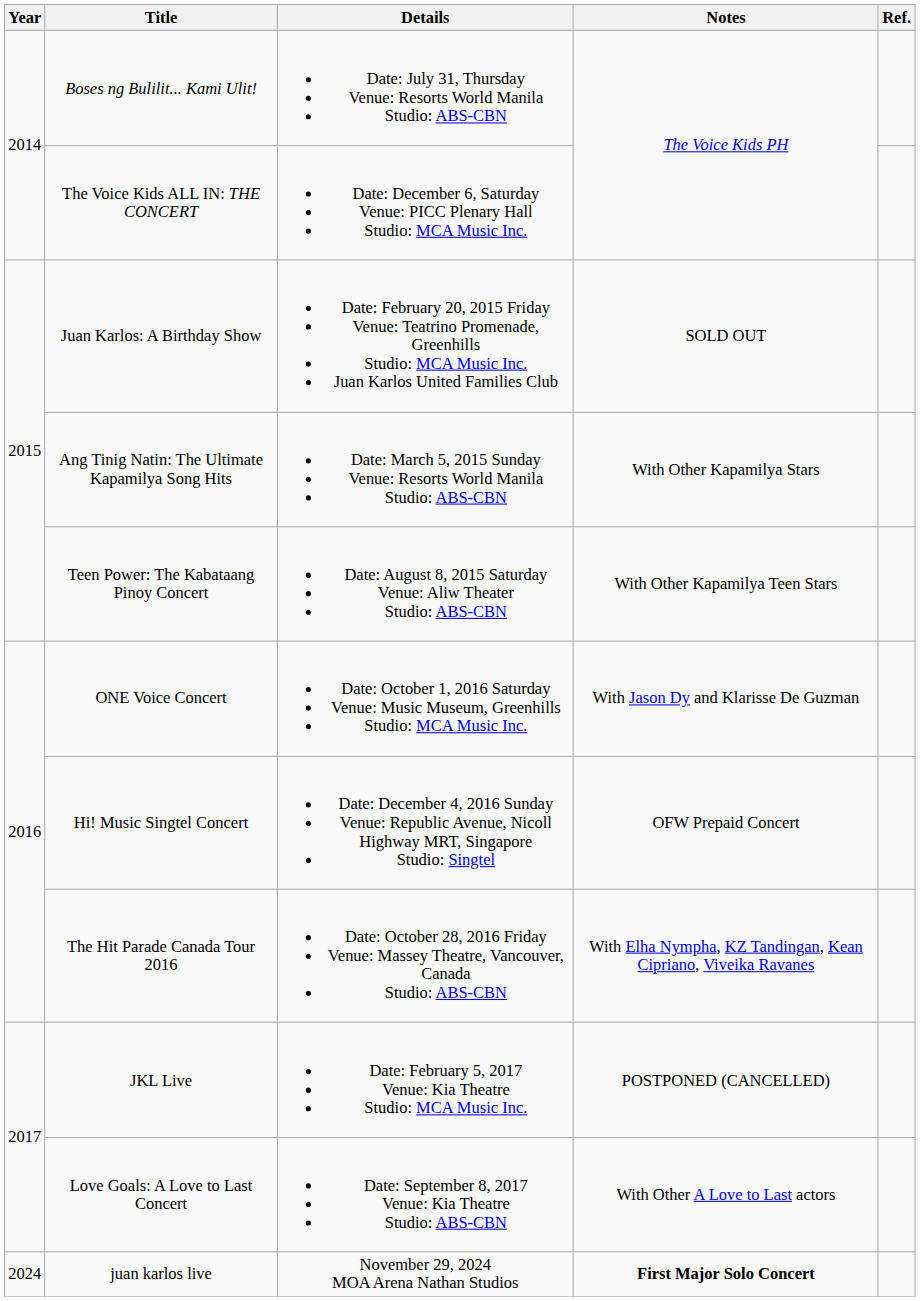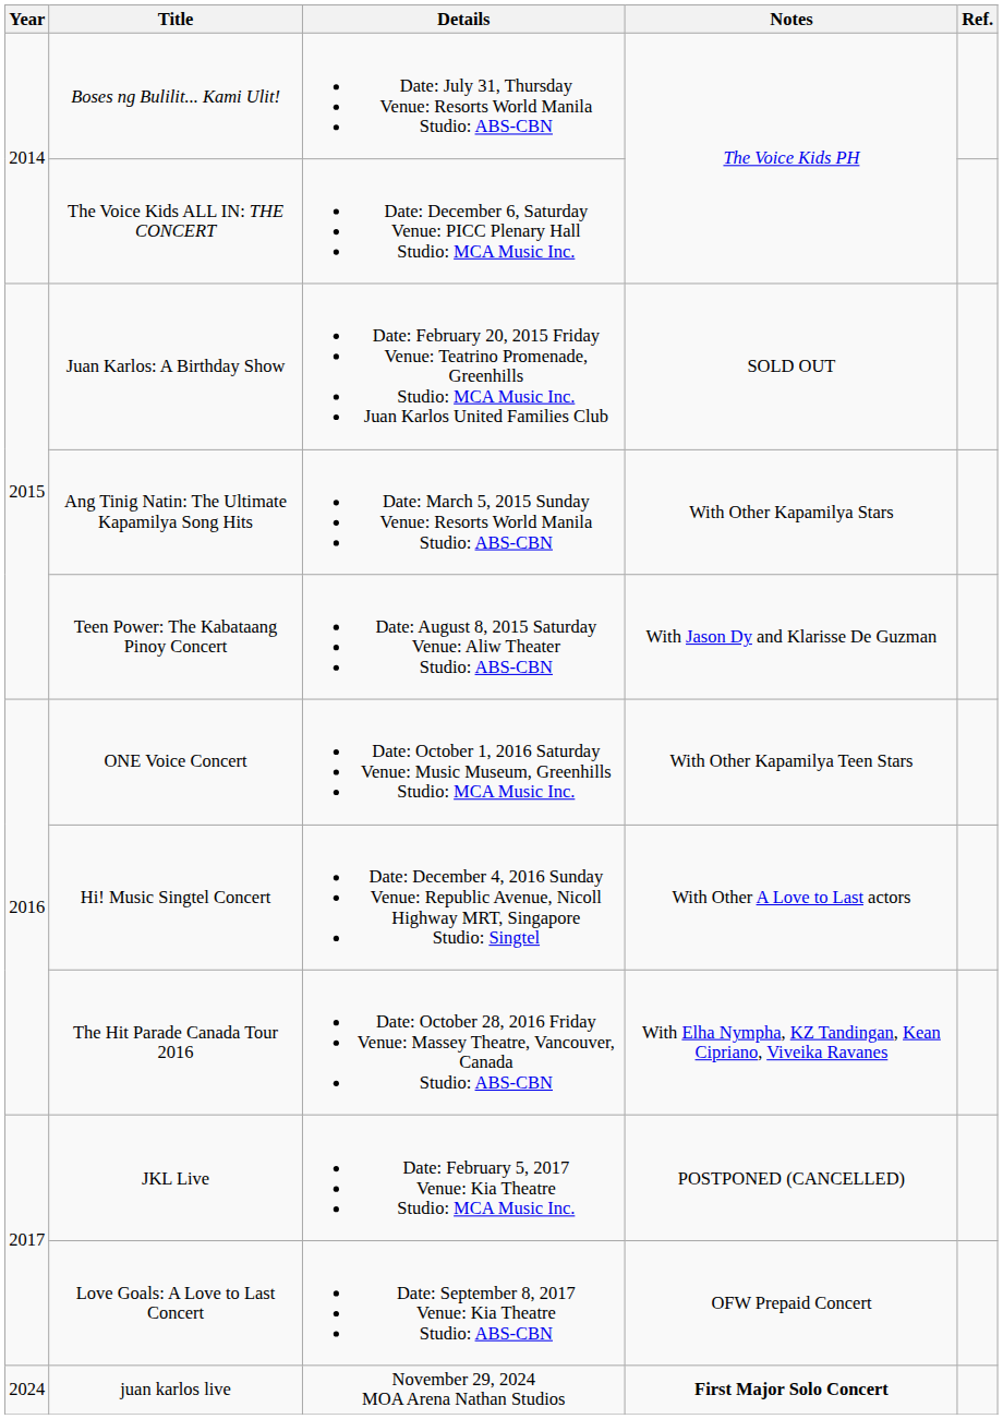 <table class="wikitable" style="text-align:center; width:70%">
 <tr>
 <th>Year</th>
 <th>Title</th>
 <th>Details</th>
 <th>Notes</th>
 <th>Ref.</th>
 </tr>
 <tr>
 <td rowspan=2>2014</td>
 <td><em>Boses ng Bulilit... Kami Ulit!</em></td>
 <td><br><ul><li>Date: July 31, Thursday</li><li>Venue: Resorts World Manila</li><li>Studio: <a href='#'>ABS-CBN</a></li></ul></td>
 <td rowspan=2><em><a href='#'>The Voice Kids PH</a></em></td>
 <td></td>
 </tr>
 <tr>
 <td>The Voice Kids ALL IN: <em>THE CONCERT</em></td>
 <td><br><ul><li>Date: December 6, Saturday</li><li>Venue: PICC Plenary Hall</li><li>Studio: <a href='#'>MCA Music Inc.</a></li></ul></td>
 <td></td>
 </tr>
 <tr>
 <td rowspan=3>2015</td>
 <td>Juan Karlos: A Birthday Show</td>
 <td><br><ul><li>Date: February 20, 2015 Friday</li><li>Venue: Teatrino Promenade, Greenhills</li><li>Studio: <a href='#'>MCA Music Inc.</a></li><li>Juan Karlos United Families Club</li></ul></td>
 <td>SOLD OUT</td>
 <td></td>
 </tr>
 <tr>
 <td>Ang Tinig Natin: The Ultimate Kapamilya Song Hits</td>
 <td><br><ul><li>Date: March 5, 2015 Sunday</li><li>Venue: Resorts World Manila</li><li>Studio: <a href='#'>ABS-CBN</a></li></ul></td>
 <td>With Other Kapamilya Stars</td>
 <td></td>
 </tr>
 <tr>
 <td>Teen Power: The Kabataang Pinoy Concert</td>
 <td><br><ul><li>Date: August 8, 2015 Saturday</li><li>Venue: Aliw Theater</li><li>Studio: <a href='#'>ABS-CBN</a></li></ul></td>
-<td>With Other Kapamilya Teen Stars</td>
+<td>With <a href='#'>Jason Dy</a> and Klarisse De Guzman</td>
 <td></td>
 </tr>
 <tr>
 <td rowspan=3>2016</td>
 <td>ONE Voice Concert</td>
 <td><br><ul><li>Date: October 1, 2016 Saturday</li><li>Venue: Music Museum, Greenhills</li><li>Studio: <a href='#'>MCA Music Inc.</a></li></ul></td>
-<td>With <a href='#'>Jason Dy</a> and Klarisse De Guzman</td>
+<td>With Other Kapamilya Teen Stars</td>
 <td></td>
 </tr>
 <tr>
 <td>Hi! Music Singtel Concert</td>
 <td><br><ul><li>Date: December 4, 2016 Sunday</li><li>Venue: Republic Avenue, Nicoll Highway MRT, Singapore</li><li>Studio: <a href='#'>Singtel</a></li></ul></td>
-<td>OFW Prepaid Concert</td>
+<td>With Other <a href='#'>A Love to Last</a> actors</td>
 <td></td>
 </tr>
 <tr>
 <td>The Hit Parade Canada Tour 2016</td>
 <td><br><ul><li>Date: October 28, 2016 Friday</li><li>Venue: Massey Theatre, Vancouver, Canada</li><li>Studio: <a href='#'>ABS-CBN</a></li></ul></td>
 <td>With <a href='#'>Elha Nympha</a>, <a href='#'>KZ Tandingan</a>, <a href='#'>Kean Cipriano</a>, <a href='#'>Viveika Ravanes</a></td>
 <td></td>
 </tr>
 <tr>
 <td rowspan=2>2017</td>
 <td>JKL Live</td>
 <td><br><ul><li>Date: February 5, 2017</li><li>Venue: Kia Theatre</li><li>Studio: <a href='#'>MCA Music Inc.</a></li></ul></td>
 <td>POSTPONED (CANCELLED)</td>
 <td></td>
 </tr>
 <tr>
 <td>Love Goals: A Love to Last Concert</td>
 <td><br><ul><li>Date: September 8, 2017</li><li>Venue: Kia Theatre</li><li>Studio: <a href='#'>ABS-CBN</a></li></ul></td>
-<td>With Other <a href='#'>A Love to Last</a> actors</td>
+<td>OFW Prepaid Concert</td>
 <td></td>
 </tr>
 <tr>
 <td>2024</td>
 <td>juan karlos live</td>
 <td>November 29, 2024<br>MOA Arena Nathan Studios</td>
 <td><strong>First Major Solo Concert</strong></td>
 <td></td>
 </tr>
 <tr>
 </tr>
 </table>
